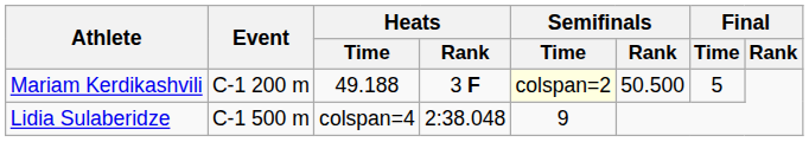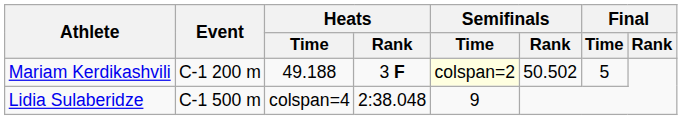 <table class=wikitable style="font-size:90%">
 <tr>
 <th rowspan="2">Athlete</th>
 <th rowspan="2">Event</th>
 <th colspan=2>Heats</th>
 <th colspan=2>Semifinals</th>
 <th colspan=2>Final</th>
 </tr>
 <tr style="font-size:95%">
 <th>Time</th>
 <th>Rank</th>
 <th>Time</th>
 <th>Rank</th>
 <th>Time</th>
 <th>Rank</th>
 </tr>
 <tr align=center>
 <td align=left><a href='#'>Mariam Kerdikashvili</a></td>
 <td align=left>C-1 200 m</td>
 <td>49.188</td>
 <td>3 <strong>F</strong></td>
 <td style="background: lightyellow;">colspan=2</td>
-<td>50.500</td>
+<td>50.502</td>
 <td>5</td>
 </tr>
 <tr align=center>
 <td align=left><a href='#'>Lidia Sulaberidze</a></td>
 <td align=left>C-1 500 m</td>
 <td>colspan=4</td>
 <td>2:38.048</td>
 <td>9</td>
 </tr>
 </table>
